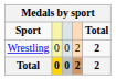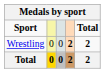 <table class="wikitable" style=font-size:85%;float:center;text-align:center>
 <tr style="background:#efefef;">
 <th colspan=5><strong>Medals by sport</strong></th>
 </tr>
 <tr align=center>
 <td><strong>Sport</strong></td>
 <td bgcolor=#f7f6a8></td>
 <td bgcolor=#dce5e5></td>
 <td bgcolor=#ffdab9></td>
 <td><strong>Total</strong></td>
 </tr>
 <tr align=center>
 <td><a href='#'>Wrestling</a></td>
 <td style="background:#F7F6A8;">0</td>
 <td style="background:#DCE5E5;">0</td>
-<td style="background:#FFDAB9;">2</td>
+<td style="background:#FFDAB9;"><strong>2</strong></td>
 <td><strong>2</strong></td>
 </tr>
 <tr align=center>
 <th><strong>Total</strong></th>
 <th style="background:gold;"><strong>0</strong></th>
 <th style="background:silver;"><strong>0</strong></th>
 <th style="background:#c96;"><strong>2</strong></th>
 <th><strong>2</strong></th>
 </tr>
 </table>
